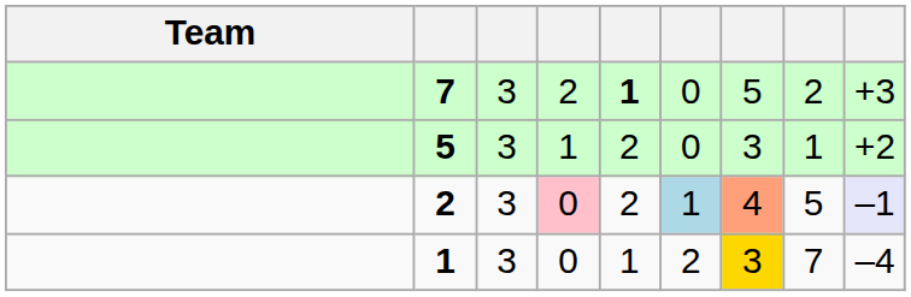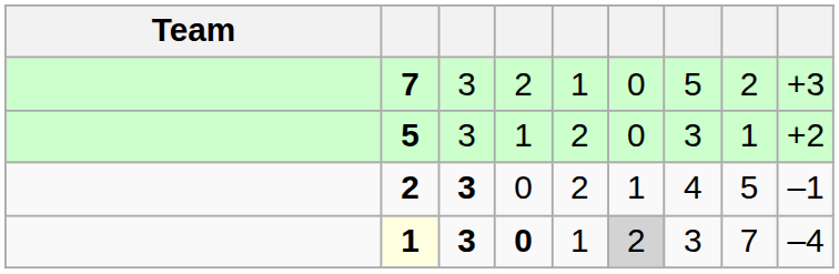 <table class="wikitable" style="text-align:center">
 <tr>
 <th width="175">Team</th>
 <th width="20"></th>
 <th width="20"></th>
 <th width="20"></th>
 <th width="20"></th>
 <th width="20"></th>
 <th width="20"></th>
 <th width="20"></th>
 <th width="20"></th>
 </tr>
 <tr bgcolor=#CCFFCC>
 <td align=left></td>
 <td><strong>7</strong></td>
 <td>3</td>
 <td>2</td>
-<td><strong>1</strong></td>
+<td>1</td>
 <td>0</td>
 <td>5</td>
 <td>2</td>
 <td>+3</td>
 </tr>
 <tr bgcolor=#CCFFCC>
 <td align=left></td>
 <td><strong>5</strong></td>
 <td>3</td>
 <td>1</td>
 <td>2</td>
 <td>0</td>
 <td>3</td>
 <td>1</td>
 <td>+2</td>
 </tr>
 <tr>
 <td align=left></td>
 <td><strong>2</strong></td>
-<td>3</td>
-<td style="background: pink;">0</td>
+<td><strong>3</strong></td>
+<td>0</td>
 <td>2</td>
-<td style="background: lightblue;">1</td>
-<td style="background: lightsalmon;">4</td>
+<td>1</td>
+<td>4</td>
 <td>5</td>
-<td style="background: lavender;">–1</td>
+<td>–1</td>
 </tr>
 <tr>
 <td align=left></td>
-<td><strong>1</strong></td>
+<td style="background: lightyellow;"><strong>1</strong></td>
+<td><strong>3</strong></td>
+<td><strong>0</strong></td>
+<td>1</td>
+<td style="background: lightgrey;">2</td>
 <td>3</td>
-<td>0</td>
-<td>1</td>
-<td>2</td>
-<td style="background: gold;">3</td>
 <td>7</td>
 <td>–4</td>
 </tr>
 </table>
